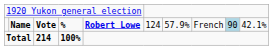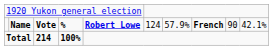 <table class="wikitable">
 <tr>
 <td colspan=5 align=center><a href='#'>1920 Yukon general election</a></td>
 </tr>
 <tr>
 <td></td>
 <td><strong>Name </strong></td>
 <td><strong>Vote</strong></td>
 <td><strong>%</strong><br></td>
 <td><strong><a href='#'>Robert Lowe</a></strong></td>
 <td>124</td>
 <td>57.9%<br></td>
-<td>French</td>
-<td style="background: lightblue;">90</td>
+<td><strong>French</strong></td>
+<td>90</td>
 <td>42.1%</td>
 </tr>
 <tr>
 <td colspan=2><strong>Total</strong></td>
 <td><strong>214</strong></td>
 <td><strong>100%</strong></td>
 </tr>
 </table>
